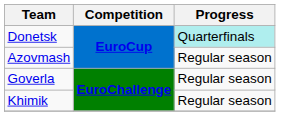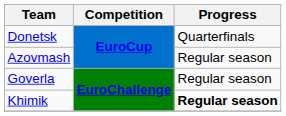 <table class="wikitable sortable">
 <tr>
 <th>Team</th>
 <th>Competition</th>
 <th>Progress</th>
 </tr>
 <tr>
 <td><a href='#'>Donetsk</a></td>
 <td rowspan="2" style="background-color:#0072CE;color:white;text-align:center"><strong><a href='#'><span>EuroCup</span></a></strong></td>
-<td style="background: paleturquoise;">Quarterfinals</td>
+<td>Quarterfinals</td>
 </tr>
 <tr>
 <td><a href='#'>Azovmash</a></td>
 <td>Regular season</td>
 </tr>
 <tr>
 <td><a href='#'>Goverla</a></td>
 <td rowspan="2" style="background-color:green;color:#D0D3D4;text-align:center"><strong><a href='#'><span>EuroChallenge</span></a></strong></td>
 <td>Regular season</td>
 </tr>
 <tr>
 <td><a href='#'>Khimik</a></td>
-<td>Regular season</td>
+<td><strong>Regular season</strong></td>
 </tr>
 <tr>
 </tr>
 </table>
